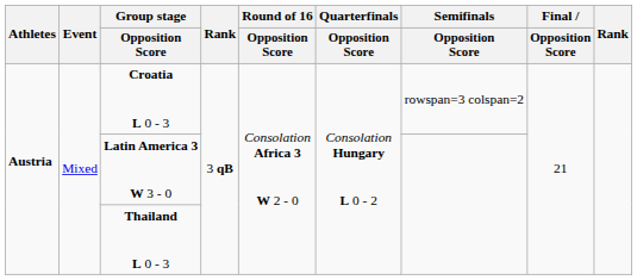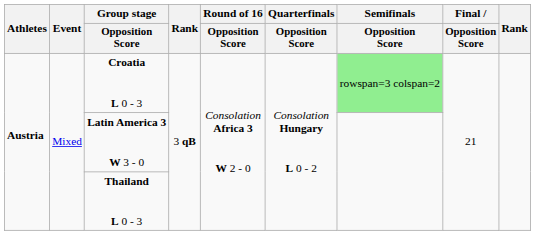 <table class=wikitable style="font-size:90%">
 <tr>
 <th rowspan="2">Athletes</th>
 <th rowspan="2">Event</th>
 <th>Group stage</th>
 <th rowspan="2">Rank</th>
 <th>Round of 16</th>
 <th>Quarterfinals</th>
 <th>Semifinals</th>
 <th>Final / </th>
 <th rowspan=2>Rank</th>
 </tr>
 <tr style="font-size:95%">
 <th>Opposition<br>Score</th>
 <th>Opposition<br>Score</th>
 <th>Opposition<br>Score</th>
 <th>Opposition<br>Score</th>
 <th>Opposition<br>Score</th>
 </tr>
 <tr align=center>
 <td align=left rowspan=3><strong>Austria</strong><br><br></td>
 <td align=left rowspan=3><a href='#'>Mixed</a></td>
 <td><strong>Croatia</strong><br><br><br><strong>L</strong> 0 - 3</td>
 <td rowspan=3>3 <strong>qB</strong></td>
 <td rowspan=3><em>Consolation</em><br><strong>Africa 3</strong><br><br><br><strong>W</strong> 2 - 0</td>
 <td rowspan=3><em>Consolation</em><br><strong>Hungary</strong><br><br><br><strong>L</strong> 0 - 2</td>
-<td>rowspan=3 colspan=2 </td>
+<td style="background: lightgreen;">rowspan=3 colspan=2 </td>
 <td rowspan=3>21</td>
 </tr>
 <tr align=center>
 <td><strong>Latin America 3</strong><br><br><br><strong>W</strong> 3 - 0</td>
 </tr>
 <tr align=center>
 <td><strong>Thailand</strong><br><br><br><strong>L</strong> 0 - 3</td>
 </tr>
 </table>
